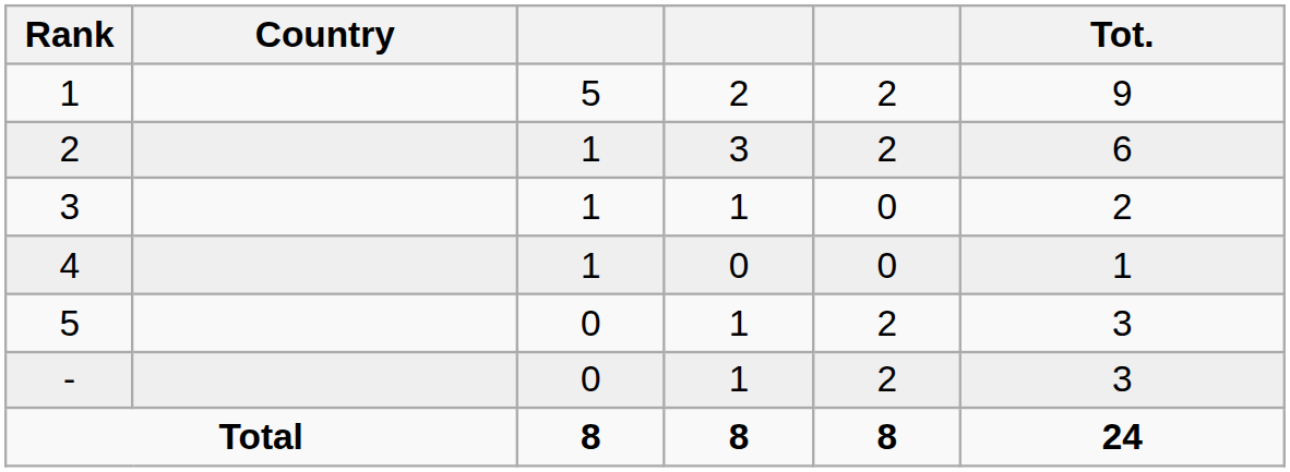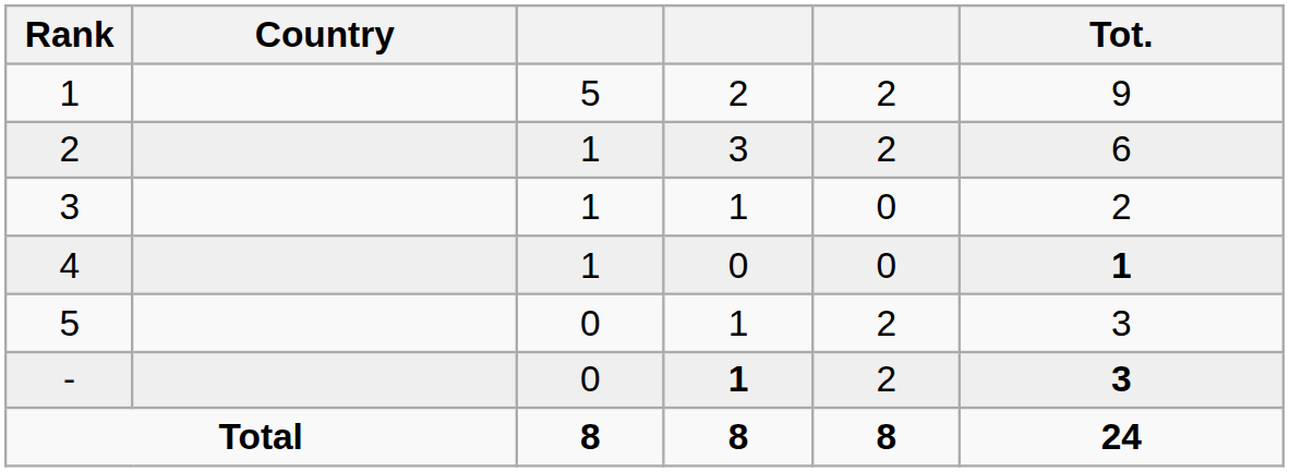 <table class=wikitable width=40% cellspacing="1" cellpadding="3" style="border:1px solid #AAAAAA;font-size:90%; text-align:center">
 <tr bgcolor="#EFEFEF">
 <th width=10%>Rank</th>
 <th width=30%>Country</th>
 <th></th>
 <th></th>
 <th></th>
 <th>Tot.</th>
 </tr>
 <tr>
 <td>1</td>
 <td align=left></td>
 <td>5</td>
 <td>2</td>
 <td>2</td>
 <td>9</td>
 </tr>
 <tr bgcolor="#efefef">
 <td>2</td>
 <td align=left></td>
 <td>1</td>
 <td>3</td>
 <td>2</td>
 <td>6</td>
 </tr>
 <tr>
 <td>3</td>
 <td align=left></td>
 <td>1</td>
 <td>1</td>
 <td>0</td>
 <td>2</td>
 </tr>
 <tr bgcolor="#efefef">
 <td>4</td>
 <td align=left></td>
 <td>1</td>
 <td>0</td>
 <td>0</td>
-<td>1</td>
+<td><strong>1</strong></td>
 </tr>
 <tr>
 <td>5</td>
 <td align=left></td>
 <td>0</td>
 <td>1</td>
 <td>2</td>
 <td>3</td>
 </tr>
 <tr bgcolor="#efefef">
 <td>-</td>
 <td align=left></td>
 <td>0</td>
-<td>1</td>
+<td><strong>1</strong></td>
 <td>2</td>
-<td>3</td>
+<td><strong>3</strong></td>
 </tr>
 <tr>
 <td colspan=2><strong>Total</strong></td>
 <td><strong>8</strong></td>
 <td><strong>8</strong></td>
 <td><strong>8</strong></td>
 <td><strong>24</strong></td>
 </tr>
 </table>
